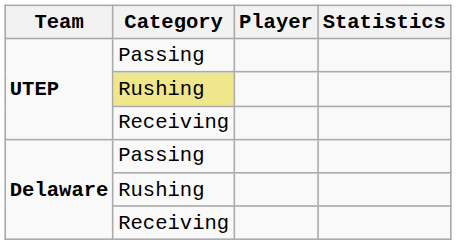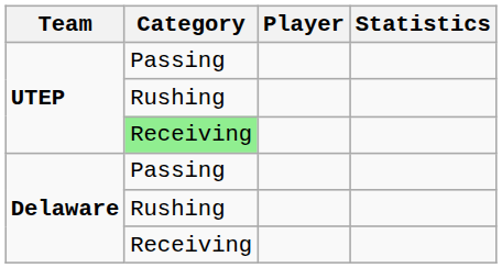 <table class="wikitable" style="float: right;">
 <tr>
 <th>Team</th>
 <th>Category</th>
 <th>Player</th>
 <th>Statistics</th>
 </tr>
 <tr>
 <td rowspan=3><strong>UTEP</strong></td>
 <td>Passing</td>
 <td></td>
 <td></td>
 </tr>
 <tr>
-<td style="background: khaki;">Rushing</td>
+<td>Rushing</td>
 <td></td>
 <td></td>
 </tr>
 <tr>
-<td>Receiving</td>
+<td style="background: lightgreen;">Receiving</td>
 <td></td>
 <td></td>
 </tr>
 <tr>
 <td rowspan=3><strong>Delaware</strong></td>
 <td>Passing</td>
 <td></td>
 <td></td>
 </tr>
 <tr>
 <td>Rushing</td>
 <td></td>
 <td></td>
 </tr>
 <tr>
 <td>Receiving</td>
 <td></td>
 <td></td>
 </tr>
 </table>
